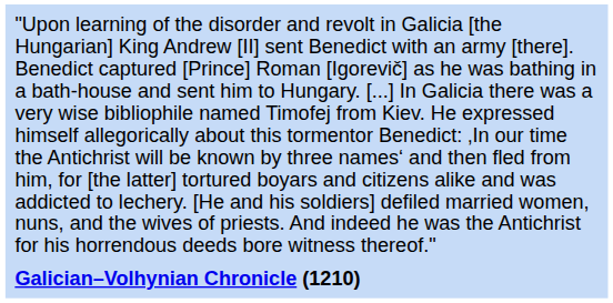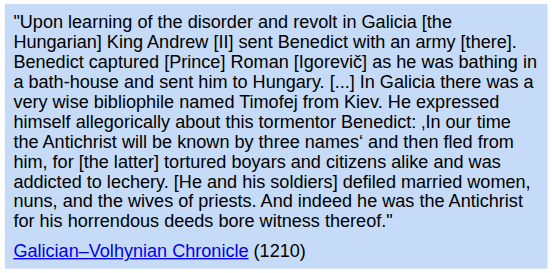 <table class="toccolours" style="float: right; margin-left: 2em; margin-right: 1em; font-size: 85%; background:#c6dbf7; color:black; width:30em; max-width: 40%;" cellspacing="5">
 <tr>
 <td style="text-align: left;">"Upon learning of the disorder and revolt in Galicia [the Hungarian] King Andrew [II] sent Benedict with an army [there]. Benedict captured [Prince] Roman [Igorevič] as he was bathing in a bath-house and sent him to Hungary. [...] In Galicia there was a very wise bibliophile named Timofej from Kiev. He expressed himself allegorically about this tormentor Benedict: ‚In our time the Antichrist will be known by three names‘ and then fled from him, for [the latter] tortured boyars and citizens alike and was addicted to lechery. [He and his soldiers] defiled married women, nuns, and the wives of priests. And indeed he was the Antichrist for his horrendous deeds bore witness thereof."</td>
 </tr>
 <tr>
-<td style="text-align: left;"><strong><a href='#'>Galician–Volhynian Chronicle</a> (1210)</strong></td>
+<td style="text-align: left;"><a href='#'>Galician–Volhynian Chronicle</a> (1210)</td>
 </tr>
 </table>
